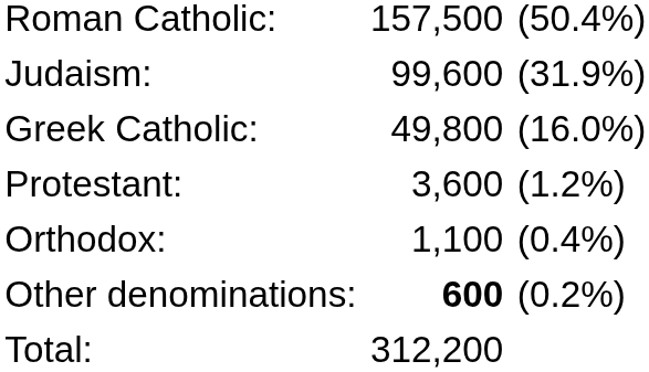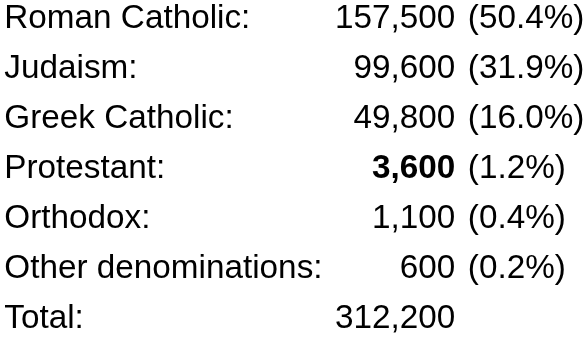 <table cellpadding=2 style="background:transparent;">
 <tr>
 <td>Roman Catholic:</td>
 <td style="text-align:right">157,500</td>
 <td>(50.4%)</td>
 </tr>
 <tr>
 <td>Judaism:</td>
 <td style="text-align:right">99,600</td>
 <td>(31.9%)</td>
 </tr>
 <tr>
 <td>Greek Catholic:</td>
 <td style="text-align:right">49,800</td>
 <td>(16.0%)</td>
 </tr>
 <tr>
 <td>Protestant:</td>
-<td style="text-align:right">3,600</td>
+<td style="text-align:right"><strong>3,600</strong></td>
 <td>(1.2%)</td>
 </tr>
 <tr>
 <td>Orthodox:</td>
 <td style="text-align:right">1,100</td>
 <td>(0.4%)</td>
 </tr>
 <tr>
 <td>Other denominations:</td>
-<td style="text-align:right"><strong>600</strong></td>
+<td style="text-align:right">600</td>
 <td>(0.2%)</td>
 </tr>
 <tr>
 <td>Total:</td>
 <td style="text-align:right">312,200</td>
 </tr>
 </table>
